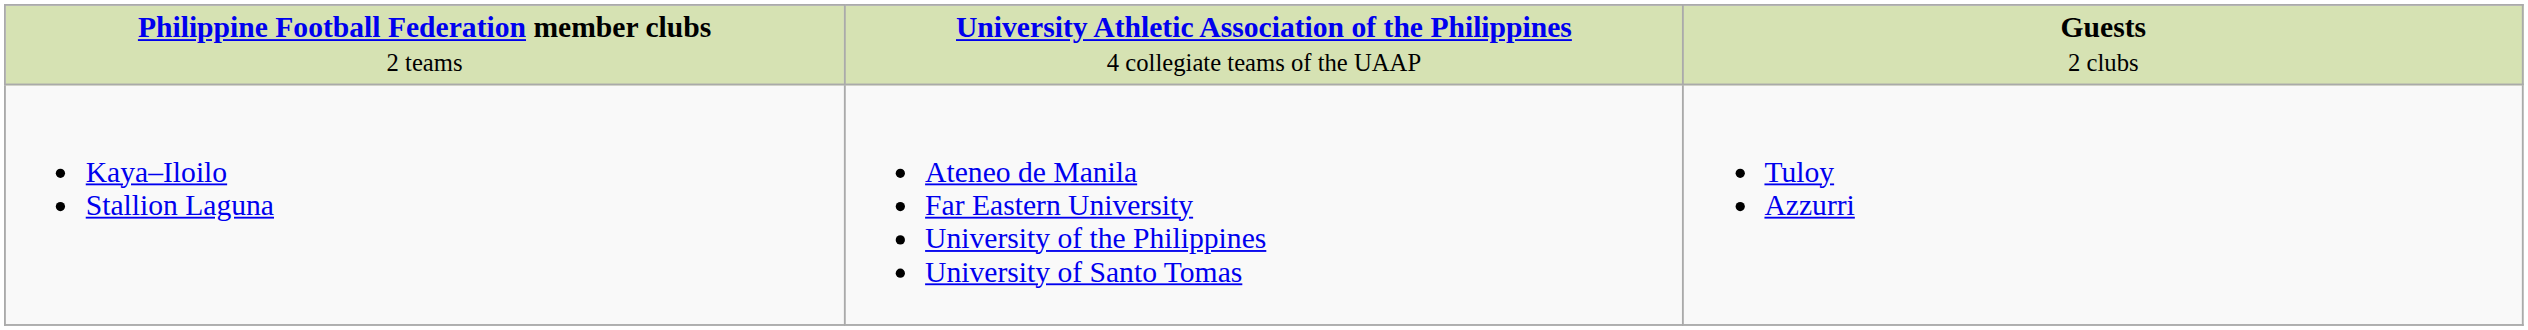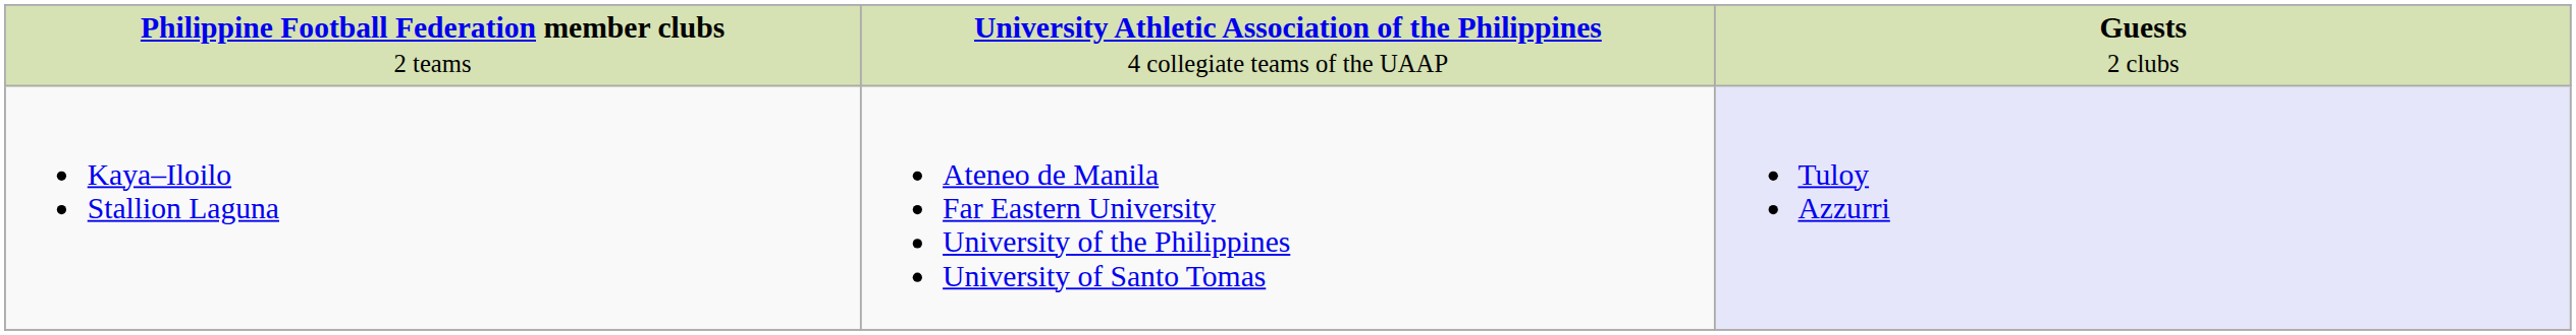 <table class="wikitable">
 <tr style="background-color:#d6e2b3; text-align:center; vertical-align:top">
 <td width=25%><strong><a href='#'>Philippine Football Federation</a> member clubs</strong><br><small>2 teams</small></td>
 <td width=25%><strong><a href='#'>University Athletic Association of the Philippines</a></strong><br><small>4 collegiate teams of the UAAP</small></td>
 <td width=25%><strong>Guests</strong><br><small>2 clubs</small></td>
 </tr>
 <tr style="vertical-align:top">
 <td><br><ul><li><a href='#'>Kaya–Iloilo</a></li><li><a href='#'>Stallion Laguna</a></li></ul></td>
 <td><br><ul><li><a href='#'>Ateneo de Manila</a></li><li><a href='#'>Far Eastern University</a></li><li><a href='#'>University of the Philippines</a></li><li><a href='#'>University of Santo Tomas</a></li></ul></td>
-<td><br><ul><li><a href='#'>Tuloy</a></li><li><a href='#'>Azzurri</a></li></ul></td>
+<td style="background: lavender;"><br><ul><li><a href='#'>Tuloy</a></li><li><a href='#'>Azzurri</a></li></ul></td>
 </tr>
 </table>
